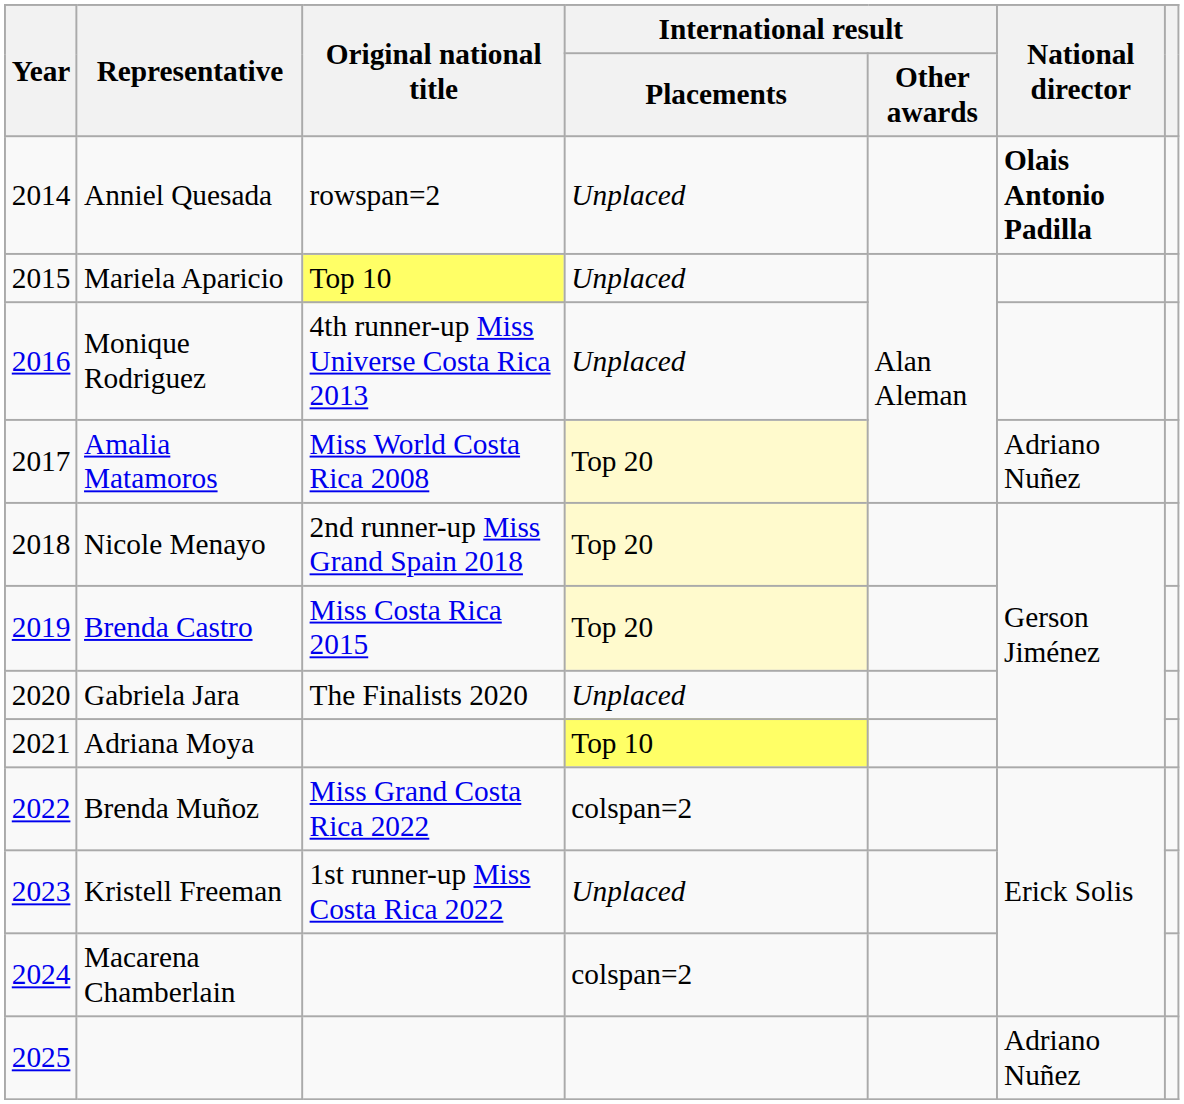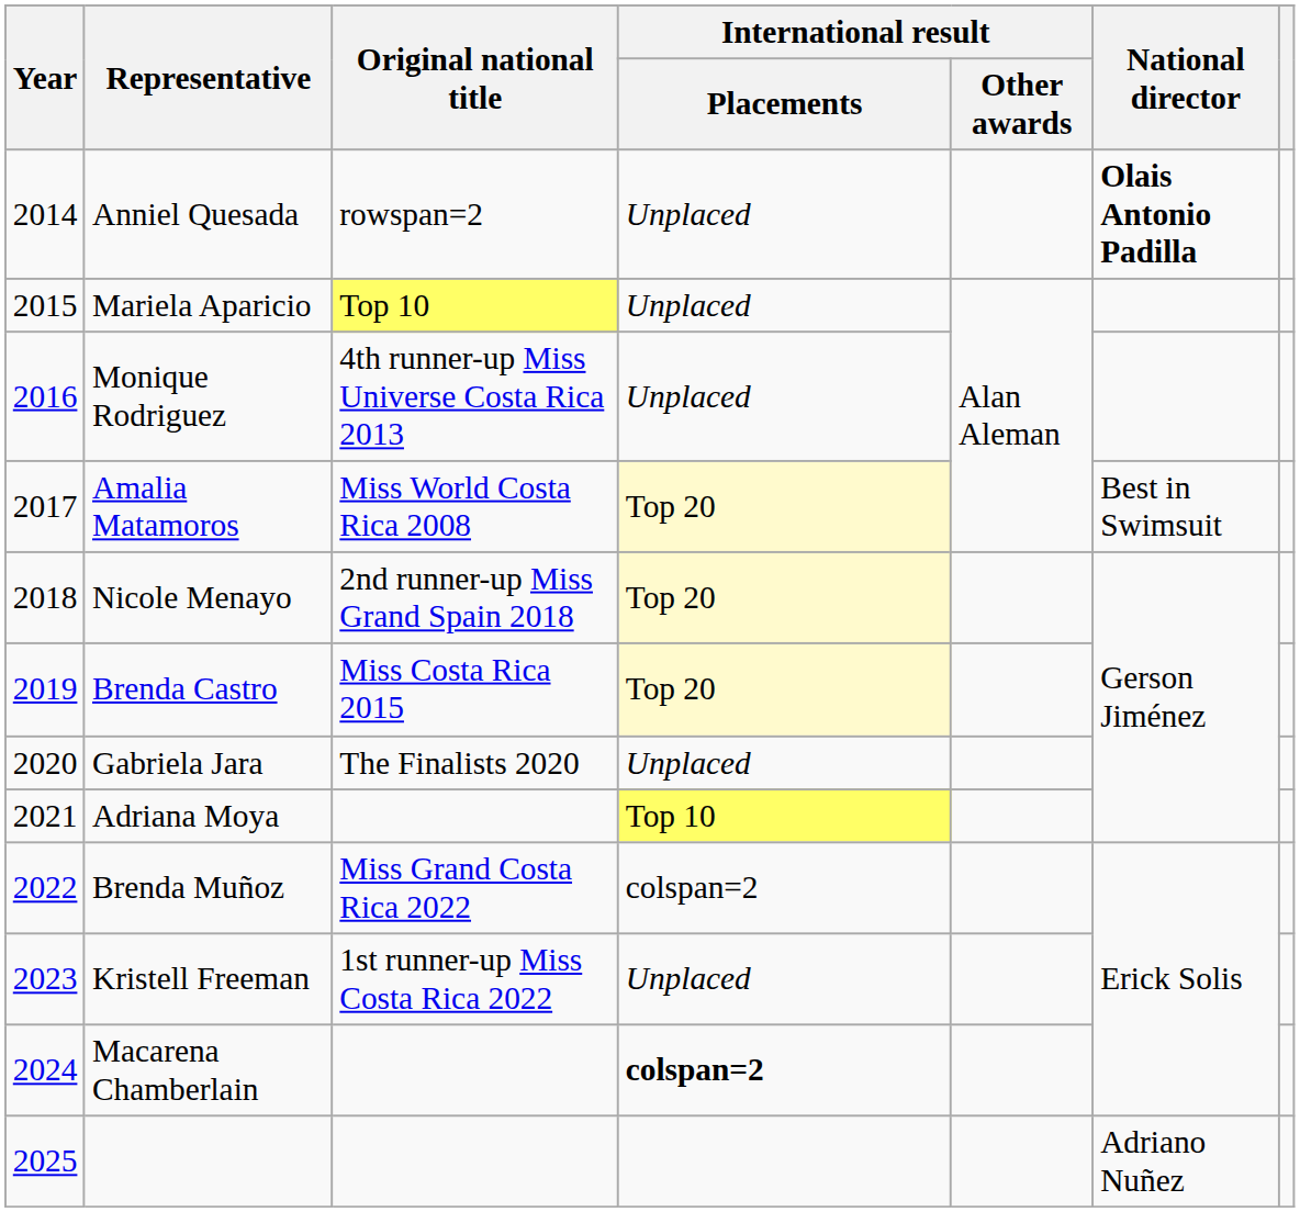 <table class="wikitable defaultcenter" style="font-size:95%;">
 <tr>
 <th rowspan=2>Year</th>
 <th rowspan=2>Representative</th>
 <th rowspan=2>Original national title</th>
 <th colspan=2>International result</th>
 <th rowspan=2>National director</th>
 <th rowspan=2></th>
 </tr>
 <tr>
 <th width=150px>Placements</th>
 <th>Other awards</th>
 </tr>
 <tr>
 <td>2014</td>
 <td>Anniel Quesada</td>
 <td>rowspan=2 </td>
 <td><em>Unplaced</em></td>
 <td></td>
 <td><strong>Olais Antonio Padilla</strong></td>
 <td></td>
 </tr>
 <tr>
 <td>2015</td>
 <td>Mariela Aparicio</td>
 <td bgcolor=#FFFF66>Top 10</td>
 <td><em>Unplaced</em></td>
 <td rowspan=3>Alan Aleman</td>
 <td></td>
 </tr>
 <tr>
 <td><a href='#'>2016</a></td>
 <td>Monique Rodriguez</td>
 <td>4th runner-up <a href='#'>Miss Universe Costa Rica 2013</a></td>
 <td><em>Unplaced</em></td>
 <td></td>
 <td></td>
 </tr>
 <tr>
 <td>2017</td>
 <td><a href='#'>Amalia Matamoros</a></td>
 <td><a href='#'>Miss World Costa Rica 2008</a></td>
 <td bgcolor=#FFFACD>Top 20</td>
-<td>Adriano Nuñez</td>
+<td>Best in Swimsuit</td>
 <td></td>
 </tr>
 <tr>
 <td>2018</td>
 <td>Nicole Menayo</td>
 <td>2nd runner-up <a href='#'>Miss Grand Spain 2018</a></td>
 <td bgcolor=#FFFACD>Top 20</td>
 <td></td>
 <td rowspan=4>Gerson Jiménez</td>
 <td></td>
 </tr>
 <tr>
 <td><a href='#'>2019</a></td>
 <td><a href='#'>Brenda Castro</a></td>
 <td><a href='#'>Miss Costa Rica 2015</a></td>
 <td bgcolor=#FFFACD>Top 20</td>
 <td></td>
 <td></td>
 </tr>
 <tr>
 <td>2020</td>
 <td>Gabriela Jara</td>
 <td>The Finalists 2020</td>
 <td><em>Unplaced</em></td>
 <td></td>
 <td></td>
 </tr>
 <tr>
 <td>2021</td>
 <td>Adriana Moya</td>
 <td></td>
 <td bgcolor=#FFFF66>Top 10</td>
 <td></td>
 <td></td>
 </tr>
 <tr>
 <td><a href='#'>2022</a></td>
 <td>Brenda Muñoz</td>
 <td><a href='#'>Miss Grand Costa Rica 2022</a></td>
 <td>colspan=2 </td>
 <td></td>
 <td rowspan=3>Erick Solis</td>
 <td></td>
 </tr>
 <tr>
 <td><a href='#'>2023</a></td>
 <td>Kristell Freeman</td>
 <td>1st runner-up <a href='#'>Miss Costa Rica 2022</a></td>
 <td><em>Unplaced</em></td>
 <td></td>
 <td></td>
 </tr>
 <tr>
 <td><a href='#'>2024</a></td>
 <td>Macarena Chamberlain</td>
 <td></td>
-<td>colspan=2 </td>
+<td><strong>colspan=2 </strong></td>
 <td></td>
 </tr>
 <tr>
 <td><a href='#'>2025</a></td>
 <td></td>
 <td></td>
 <td></td>
 <td></td>
 <td>Adriano Nuñez</td>
 <td></td>
 </tr>
 </table>
